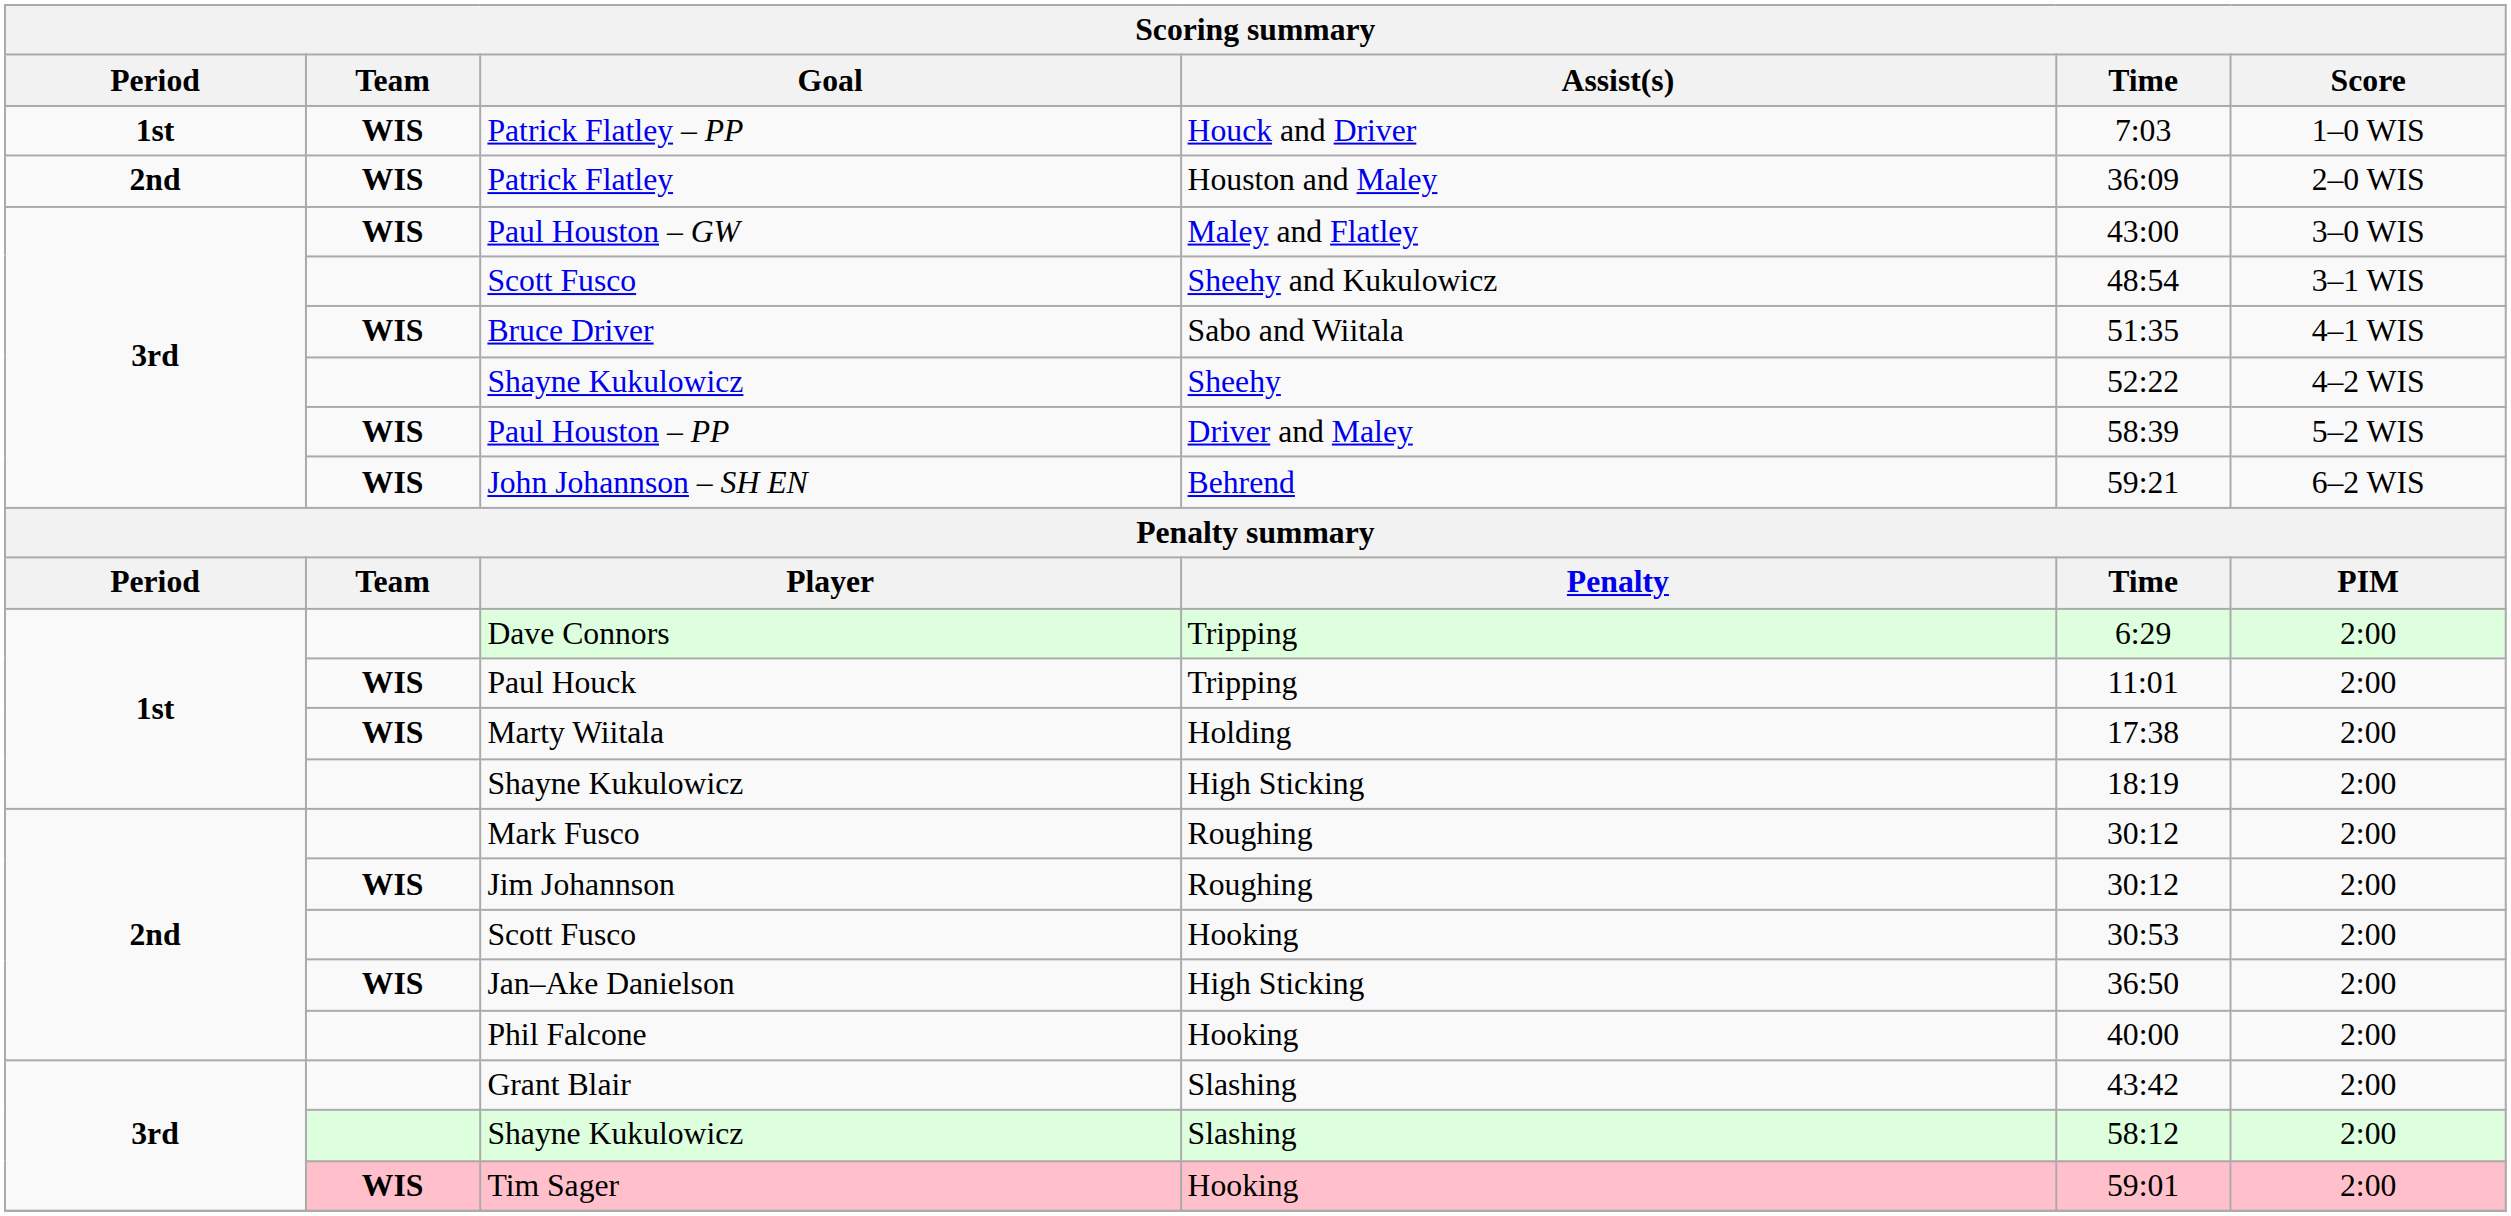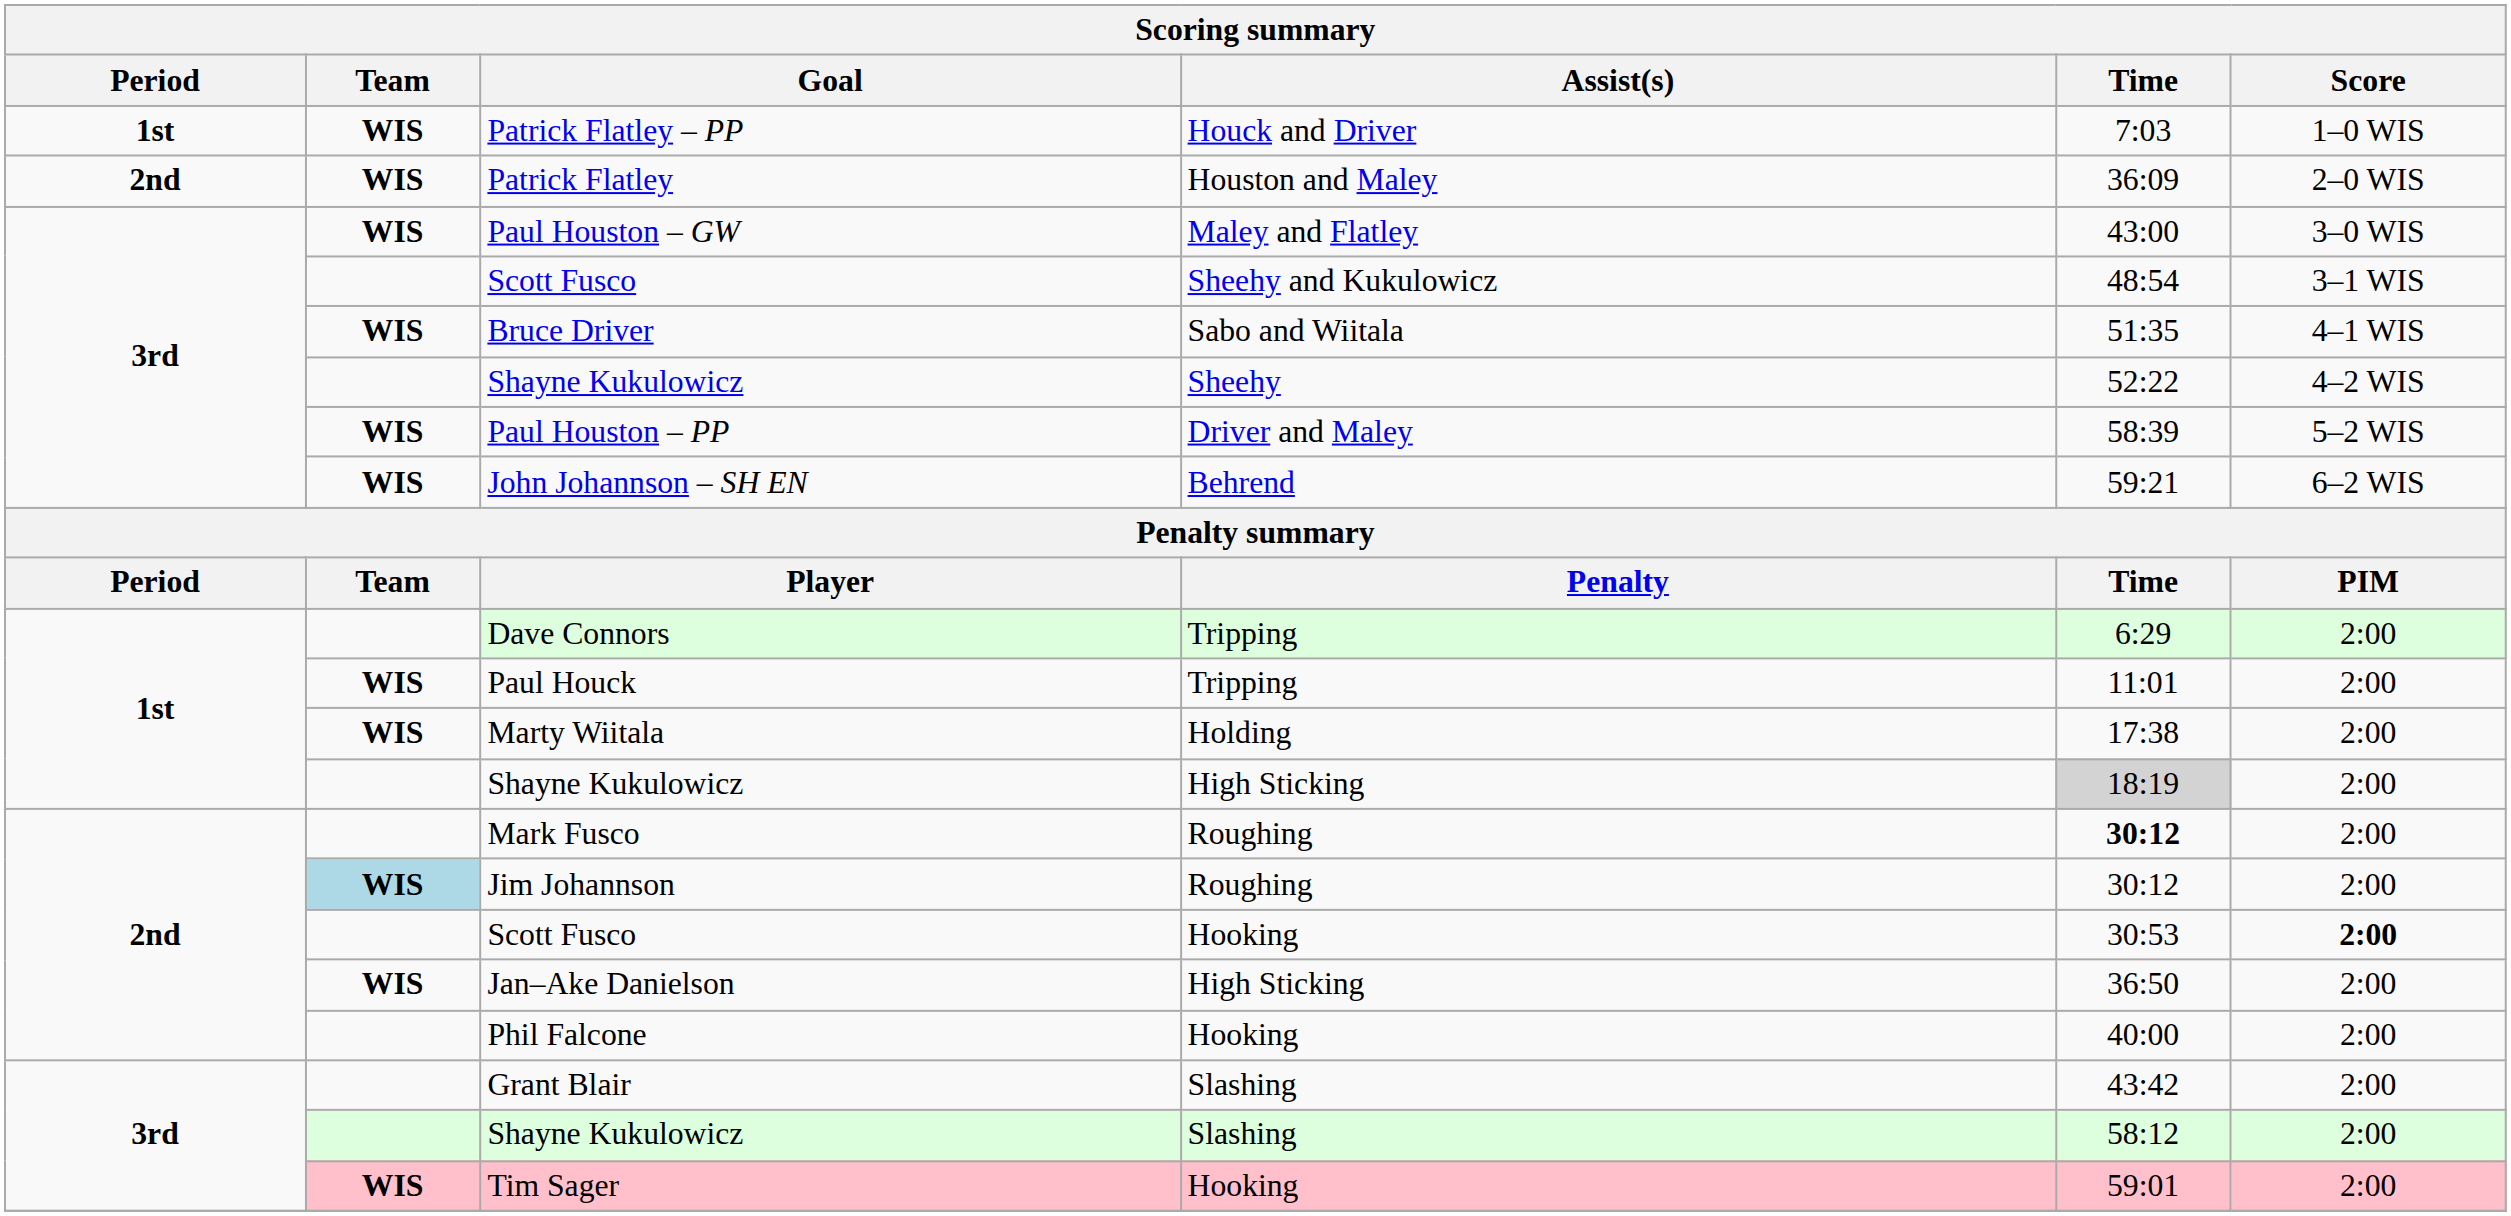 <table style="width:100%;" class="wikitable">
 <tr>
 <th colspan=6>Scoring summary</th>
 </tr>
 <tr>
 <th style="width:12%;">Period</th>
 <th style="width:7%;">Team</th>
 <th style="width:28%;">Goal</th>
 <th style="width:35%;">Assist(s)</th>
 <th style="width:7%;">Time</th>
 <th style="width:11%;">Score</th>
 </tr>
 <tr>
 <td style="text-align:center;" rowspan="1"><strong>1st</strong></td>
 <td align=center><strong>WIS</strong></td>
 <td><a href='#'>Patrick Flatley</a> – <em>PP</em></td>
 <td><a href='#'>Houck</a> and <a href='#'>Driver</a></td>
 <td align=center>7:03</td>
 <td align=center>1–0 WIS</td>
 </tr>
 <tr>
 <td style="text-align:center;" rowspan="1"><strong>2nd</strong></td>
 <td align=center><strong>WIS</strong></td>
 <td><a href='#'>Patrick Flatley</a></td>
 <td>Houston and <a href='#'>Maley</a></td>
 <td align=center>36:09</td>
 <td align=center>2–0 WIS</td>
 </tr>
 <tr>
 <td style="text-align:center;" rowspan="6"><strong>3rd</strong></td>
 <td align=center><strong>WIS</strong></td>
 <td><a href='#'>Paul Houston</a> – <em>GW</em></td>
 <td><a href='#'>Maley</a> and <a href='#'>Flatley</a></td>
 <td align=center>43:00</td>
 <td align=center>3–0 WIS</td>
 </tr>
 <tr>
 <td align=center style=><strong></strong></td>
 <td><a href='#'>Scott Fusco</a></td>
 <td><a href='#'>Sheehy</a> and Kukulowicz</td>
 <td align=center>48:54</td>
 <td align=center>3–1 WIS</td>
 </tr>
 <tr>
 <td align=center><strong>WIS</strong></td>
 <td><a href='#'>Bruce Driver</a></td>
 <td>Sabo and Wiitala</td>
 <td align=center>51:35</td>
 <td align=center>4–1 WIS</td>
 </tr>
 <tr>
 <td align=center style=><strong></strong></td>
 <td><a href='#'>Shayne Kukulowicz</a></td>
 <td><a href='#'>Sheehy</a></td>
 <td align=center>52:22</td>
 <td align=center>4–2 WIS</td>
 </tr>
 <tr>
 <td align=center><strong>WIS</strong></td>
 <td><a href='#'>Paul Houston</a> – <em>PP</em></td>
 <td><a href='#'>Driver</a> and <a href='#'>Maley</a></td>
 <td align=center>58:39</td>
 <td align=center>5–2 WIS</td>
 </tr>
 <tr>
 <td align=center><strong>WIS</strong></td>
 <td><a href='#'>John Johannson</a> – <em>SH EN</em></td>
 <td><a href='#'>Behrend</a></td>
 <td align=center>59:21</td>
 <td align=center>6–2 WIS</td>
 </tr>
 <tr>
 <th colspan=6>Penalty summary</th>
 </tr>
 <tr>
 <th style="width:12%;">Period</th>
 <th style="width:7%;">Team</th>
 <th style="width:28%;">Player</th>
 <th style="width:35%;"><a href='#'>Penalty</a></th>
 <th style="width:7%;">Time</th>
 <th style="width:11%;">PIM</th>
 </tr>
 <tr>
 <td style="text-align:center;" rowspan="4"><strong>1st</strong></td>
 <td align=center style=><strong></strong></td>
 <td bgcolor=ddffdd>Dave Connors</td>
 <td bgcolor=ddffdd>Tripping</td>
 <td align=center bgcolor=ddffdd>6:29</td>
 <td align=center bgcolor=ddffdd>2:00</td>
 </tr>
 <tr>
 <td align=center><strong>WIS</strong></td>
 <td>Paul Houck</td>
 <td>Tripping</td>
 <td align=center>11:01</td>
 <td align=center>2:00</td>
 </tr>
 <tr>
 <td align=center><strong>WIS</strong></td>
 <td>Marty Wiitala</td>
 <td>Holding</td>
 <td align=center>17:38</td>
 <td align=center>2:00</td>
 </tr>
 <tr>
 <td align=center style=><strong></strong></td>
 <td>Shayne Kukulowicz</td>
 <td>High Sticking</td>
-<td align=center>18:19</td>
+<td align=center style="background: lightgrey;">18:19</td>
 <td align=center>2:00</td>
 </tr>
 <tr>
 <td style="text-align:center;" rowspan="5"><strong>2nd</strong></td>
 <td align=center style=><strong></strong></td>
 <td>Mark Fusco</td>
 <td>Roughing</td>
-<td align=center>30:12</td>
+<td align=center><strong>30:12</strong></td>
 <td align=center>2:00</td>
 </tr>
 <tr>
-<td align=center><strong>WIS</strong></td>
+<td align=center style="background: lightblue;"><strong>WIS</strong></td>
 <td>Jim Johannson</td>
 <td>Roughing</td>
 <td align=center>30:12</td>
 <td align=center>2:00</td>
 </tr>
 <tr>
 <td align=center style=><strong></strong></td>
 <td>Scott Fusco</td>
 <td>Hooking</td>
 <td align=center>30:53</td>
-<td align=center>2:00</td>
+<td align=center><strong>2:00</strong></td>
 </tr>
 <tr>
 <td align=center><strong>WIS</strong></td>
 <td>Jan–Ake Danielson</td>
 <td>High Sticking</td>
 <td align=center>36:50</td>
 <td align=center>2:00</td>
 </tr>
 <tr>
 <td align=center style=><strong></strong></td>
 <td>Phil Falcone</td>
 <td>Hooking</td>
 <td align=center>40:00</td>
 <td align=center>2:00</td>
 </tr>
 <tr>
 <td style="text-align:center;" rowspan="3"><strong>3rd</strong></td>
 <td align=center style=><strong></strong></td>
 <td>Grant Blair</td>
 <td>Slashing</td>
 <td align=center>43:42</td>
 <td align=center>2:00</td>
 </tr>
 <tr bgcolor=ddffdd>
 <td align=center style=><strong></strong></td>
 <td>Shayne Kukulowicz</td>
 <td>Slashing</td>
 <td align=center>58:12</td>
 <td align=center>2:00</td>
 </tr>
 <tr bgcolor=pink>
 <td align=center><strong>WIS</strong></td>
 <td>Tim Sager</td>
 <td>Hooking</td>
 <td align=center>59:01</td>
 <td align=center>2:00</td>
 </tr>
 <tr>
 </tr>
 </table>
